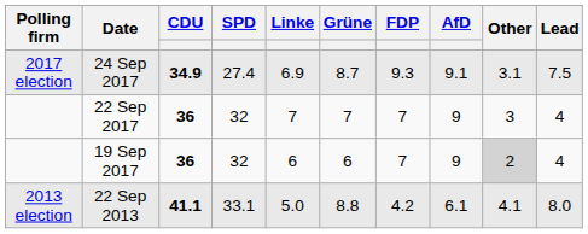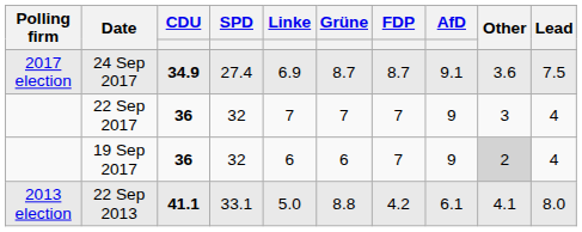 <table class="wikitable sortable" style="text-align:center; font-size:90%; line-height:16px;">
 <tr>
 <th style="width:60px;" rowspan="2">Polling firm</th>
 <th style="width:60px;" rowspan="2">Date</th>
 <th style="width:40px;" class="unsortable"><a href='#'>CDU</a></th>
 <th style="width:40px;" class="unsortable"><a href='#'>SPD</a></th>
 <th style="width:40px;" class="unsortable"><a href='#'>Linke</a></th>
 <th style="width:40px;" class="unsortable"><a href='#'>Grüne</a></th>
 <th style="width:40px;" class="unsortable"><a href='#'>FDP</a></th>
 <th style="width:40px;" class="unsortable"><a href='#'>AfD</a></th>
 <th style="width:40px;" rowspan="2" class="unsortable">Other</th>
 <th style="width:30px;" rowspan="2" class="unsortable">Lead</th>
 </tr>
 <tr>
 <th style="color:inherit;background:"></th>
 <th style="color:inherit;background:"></th>
 <th style="color:inherit;background:"></th>
 <th style="color:inherit;background:"></th>
 <th style="color:inherit;background:"></th>
 <th style="color:inherit;background:"></th>
 </tr>
 <tr style="background-color:#E9E9E9">
 <td><a href='#'>2017 election</a></td>
 <td>24 Sep 2017</td>
 <td><strong>34.9</strong></td>
 <td>27.4</td>
 <td>6.9</td>
 <td>8.7</td>
-<td>9.3</td>
+<td>8.7</td>
 <td>9.1</td>
-<td>3.1</td>
+<td>3.6</td>
 <td style="background:">7.5</td>
 </tr>
 <tr>
 <td></td>
 <td>22 Sep 2017</td>
 <td><strong>36</strong></td>
 <td>32</td>
 <td>7</td>
 <td>7</td>
 <td>7</td>
 <td>9</td>
 <td>3</td>
 <td style="background:">4</td>
 </tr>
 <tr>
 <td></td>
 <td>19 Sep 2017</td>
 <td><strong>36</strong></td>
 <td>32</td>
 <td>6</td>
 <td>6</td>
 <td>7</td>
 <td>9</td>
 <td style="background: lightgrey;">2</td>
 <td style="background:">4</td>
 </tr>
 <tr style="background-color:#E9E9E9">
 <td><a href='#'>2013 election</a></td>
 <td>22 Sep 2013</td>
 <td><strong>41.1</strong></td>
 <td>33.1</td>
 <td>5.0</td>
 <td>8.8</td>
 <td>4.2</td>
 <td>6.1</td>
 <td>4.1</td>
 <td style="background:">8.0</td>
 </tr>
 </table>
